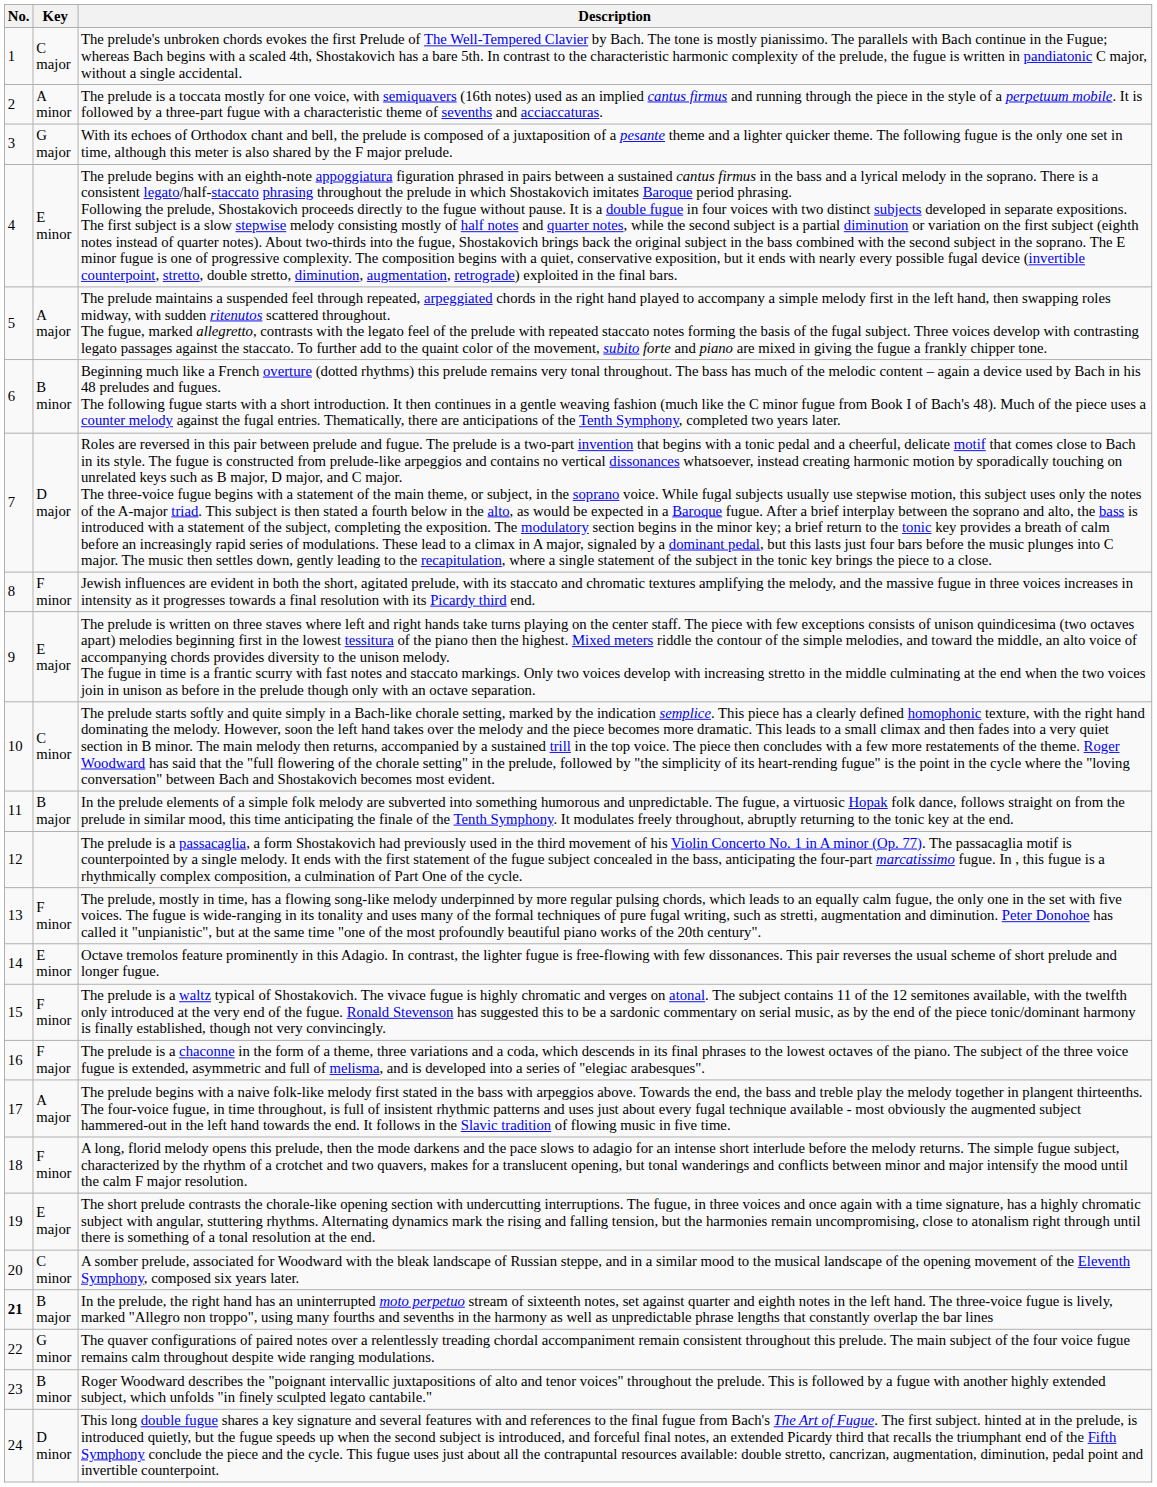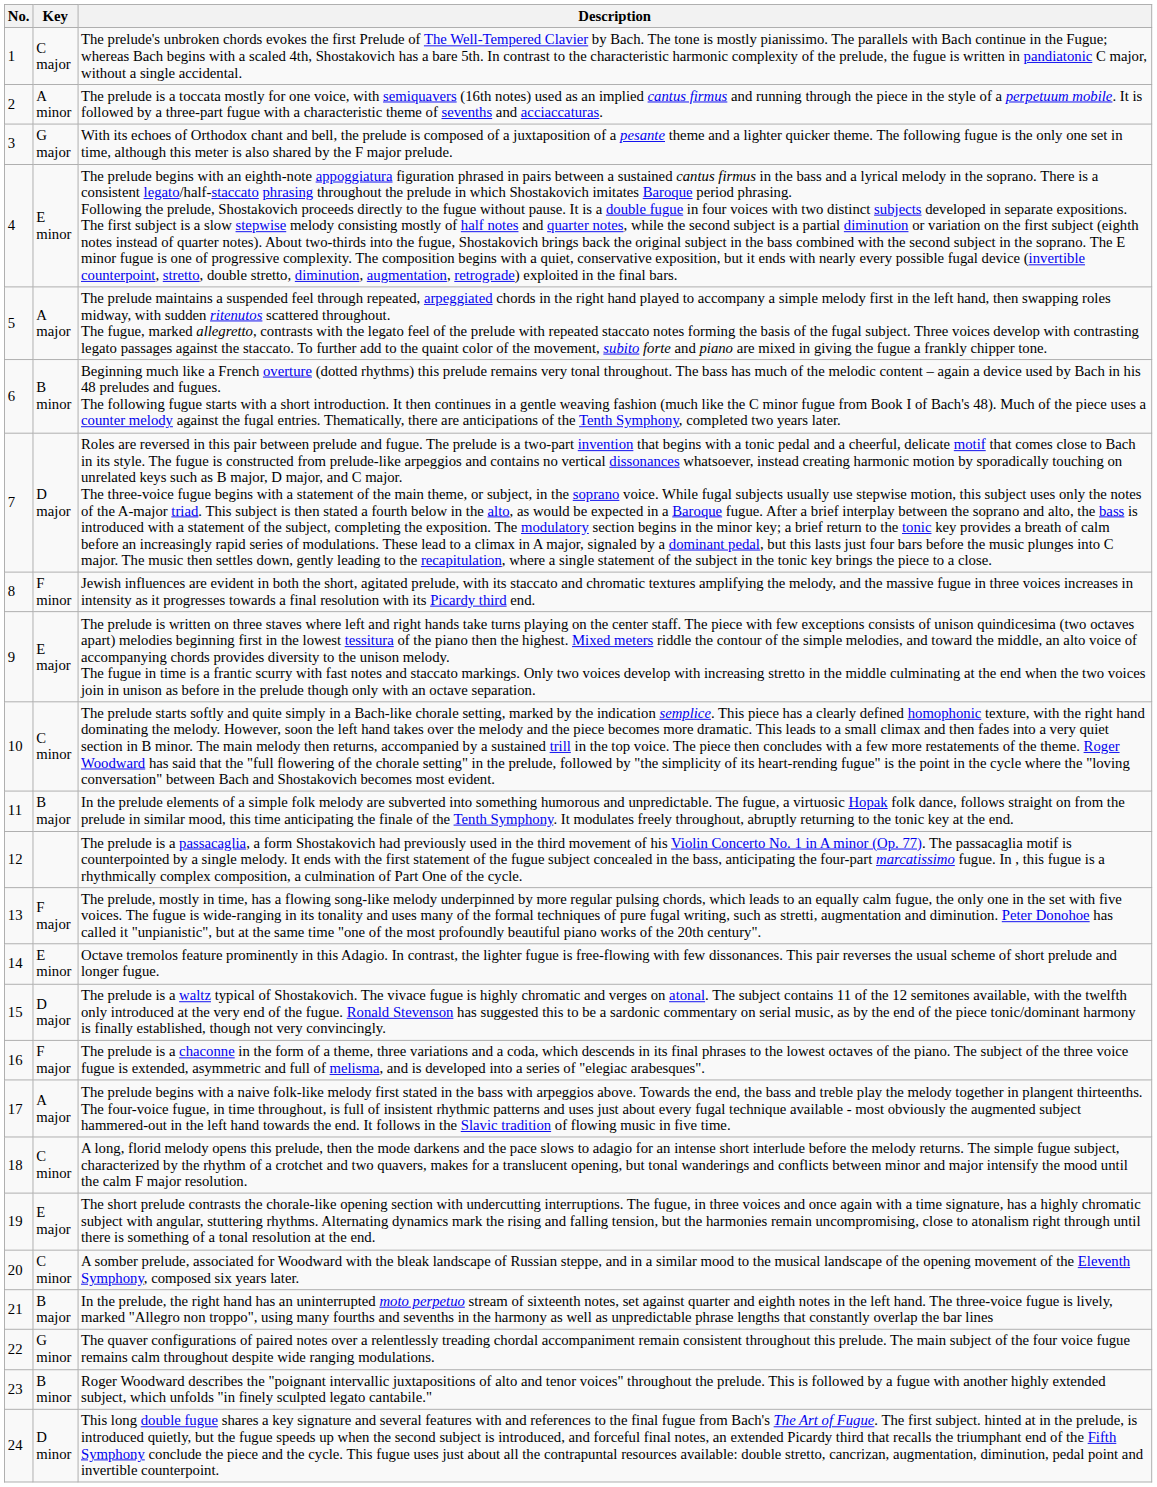 <table class=wikitable>
 <tr>
 <th>No.</th>
 <th>Key</th>
 <th>Description</th>
 </tr>
 <tr>
 <td>1</td>
 <td>C major</td>
 <td>The prelude's unbroken chords evokes the first Prelude of <a href='#'>The Well-Tempered Clavier</a> by Bach. The tone is mostly pianissimo. The parallels with Bach continue in the Fugue; whereas Bach begins with a scaled 4th, Shostakovich has a bare 5th. In contrast to the characteristic harmonic complexity of the prelude, the fugue is written in <a href='#'>pandiatonic</a> C major, without a single accidental.</td>
 </tr>
 <tr>
 <td>2</td>
 <td>A minor</td>
 <td>The prelude is a toccata mostly for one voice, with <a href='#'>semiquavers</a> (16th notes) used as an implied <em><a href='#'>cantus firmus</a></em> and running through the piece in the style of a <em><a href='#'>perpetuum mobile</a></em>. It is followed by a three-part fugue with a characteristic theme of <a href='#'>sevenths</a> and <a href='#'>acciaccaturas</a>.</td>
 </tr>
 <tr>
 <td>3</td>
 <td>G major</td>
 <td>With its echoes of Orthodox chant and bell, the prelude is composed of a juxtaposition of a <em><a href='#'>pesante</a></em> theme and a lighter quicker theme. The following fugue is the only one set in  time, although this meter is also shared by the F major prelude.</td>
 </tr>
 <tr>
 <td>4</td>
 <td>E minor</td>
 <td>The prelude begins with an eighth-note <a href='#'>appoggiatura</a> figuration phrased in pairs between a sustained <em>cantus firmus</em> in the bass and a lyrical melody in the soprano. There is a consistent <a href='#'>legato</a>/half-<a href='#'>staccato</a> <a href='#'>phrasing</a> throughout the prelude in which Shostakovich imitates <a href='#'>Baroque</a> period phrasing.<br>Following the prelude, Shostakovich proceeds directly to the fugue without pause. It is a <a href='#'>double fugue</a> in four voices with two distinct <a href='#'>subjects</a> developed in separate expositions. The first subject is a slow <a href='#'>stepwise</a> melody consisting mostly of <a href='#'>half notes</a> and <a href='#'>quarter notes</a>, while the second subject is a partial <a href='#'>diminution</a> or variation on the first subject (eighth notes instead of quarter notes). About two-thirds into the fugue, Shostakovich brings back the original subject in the bass combined with the second subject in the soprano. The E minor fugue is one of progressive complexity. The composition begins with a quiet, conservative exposition, but it ends with nearly every possible fugal device (<a href='#'>invertible counterpoint</a>, <a href='#'>stretto</a>, double stretto, <a href='#'>diminution</a>, <a href='#'>augmentation</a>, <a href='#'>retrograde</a>) exploited in the final bars.</td>
 </tr>
 <tr>
 <td>5</td>
 <td>A major</td>
 <td>The prelude maintains a suspended feel through repeated, <a href='#'>arpeggiated</a> chords in the right hand played to accompany a simple melody first in the left hand, then swapping roles midway, with sudden <em><a href='#'>ritenutos</a></em> scattered throughout.<br>The fugue, marked <em>allegretto</em>, contrasts with the legato feel of the prelude with repeated staccato notes forming the basis of the fugal subject. Three voices develop with contrasting legato passages against the staccato. To further add to the quaint color of the movement, <em><a href='#'>subito</a> forte</em> and <em>piano</em> are mixed in giving the fugue a frankly chipper tone.</td>
 </tr>
 <tr>
 <td>6</td>
 <td>B minor</td>
 <td>Beginning much like a French <a href='#'>overture</a> (dotted rhythms) this prelude remains very tonal throughout. The bass has much of the melodic content – again a device used by Bach in his 48 preludes and fugues.<br>The following fugue starts with a short introduction. It then continues in a gentle weaving fashion (much like the C minor fugue from Book I of Bach's 48). Much of the piece uses a <a href='#'>counter melody</a> against the fugal entries. Thematically, there are anticipations of the <a href='#'>Tenth Symphony</a>, completed two years later.</td>
 </tr>
 <tr>
 <td>7</td>
 <td>D major</td>
 <td>Roles are reversed in this pair between prelude and fugue. The prelude is a two-part <a href='#'>invention</a> that begins with a tonic pedal and a cheerful, delicate <a href='#'>motif</a> that comes close to Bach in its style. The fugue is constructed from prelude-like arpeggios and contains no vertical <a href='#'>dissonances</a> whatsoever, instead creating harmonic motion by sporadically touching on unrelated keys such as B major, D major, and C major.<br>The three-voice fugue begins with a statement of the main theme, or subject, in the <a href='#'>soprano</a> voice. While fugal subjects usually use stepwise motion, this subject uses only the notes of the A-major <a href='#'>triad</a>. This subject is then stated a fourth below in the <a href='#'>alto</a>, as would be expected in a <a href='#'>Baroque</a> fugue. After a brief interplay between the soprano and alto, the <a href='#'>bass</a> is introduced with a statement of the subject, completing the exposition. The <a href='#'>modulatory</a> section begins in the minor key; a brief return to the <a href='#'>tonic</a> key provides a breath of calm before an increasingly rapid series of modulations. These lead to a climax in A major, signaled by a <a href='#'>dominant pedal</a>, but this lasts just four bars before the music plunges into C major. The music then settles down, gently leading to the <a href='#'>recapitulation</a>, where a single statement of the subject in the tonic key brings the piece to a close.</td>
 </tr>
 <tr>
 <td>8</td>
 <td>F minor</td>
 <td>Jewish influences are evident in both the short, agitated prelude, with its staccato and chromatic textures amplifying the melody, and the massive fugue in three voices increases in intensity as it progresses towards a final resolution with its <a href='#'>Picardy third</a> end.</td>
 </tr>
 <tr>
 <td>9</td>
 <td>E major</td>
 <td>The prelude is written on three staves where left and right hands take turns playing on the center staff. The piece with few exceptions consists of unison quindicesima (two octaves apart) melodies beginning first in the lowest <a href='#'>tessitura</a> of the piano then the highest. <a href='#'>Mixed meters</a> riddle the contour of the simple melodies, and toward the middle, an alto voice of accompanying chords provides diversity to the unison melody.<br>The fugue in  time is a frantic scurry with fast notes and staccato markings. Only two voices develop with increasing stretto in the middle culminating at the end when the two voices join in unison as before in the prelude though only with an octave separation.</td>
 </tr>
 <tr>
 <td>10</td>
 <td>C minor</td>
 <td>The prelude starts softly and quite simply in a Bach-like chorale setting, marked by the indication <em><a href='#'>semplice</a></em>. This piece has a clearly defined <a href='#'>homophonic</a> texture, with the right hand dominating the melody. However, soon the left hand takes over the melody and the piece becomes more dramatic. This leads to a small climax and then fades into a very quiet section in B minor. The main melody then returns, accompanied by a sustained <a href='#'>trill</a> in the top voice. The piece then concludes with a few more restatements of the theme. <a href='#'>Roger Woodward</a> has said that the "full flowering of the chorale setting" in the prelude, followed by "the simplicity of its heart-rending fugue" is the point in the cycle where the "loving conversation" between Bach and Shostakovich becomes most evident.</td>
 </tr>
 <tr>
 <td>11</td>
 <td>B major</td>
 <td>In the prelude elements of a simple folk melody are subverted into something humorous and unpredictable. The fugue, a virtuosic <a href='#'>Hopak</a> folk dance, follows straight on from the prelude in similar mood, this time anticipating the finale of the <a href='#'>Tenth Symphony</a>. It modulates freely throughout, abruptly returning to the tonic key at the end.</td>
 </tr>
 <tr>
 <td>12</td>
 <td></td>
 <td>The prelude is a <a href='#'>passacaglia</a>, a form Shostakovich had previously used in the third movement of his <a href='#'>Violin Concerto No. 1 in A minor (Op. 77)</a>. The passacaglia motif is counterpointed by a single melody. It ends with the first statement of the fugue subject concealed in the bass, anticipating the four-part <a href='#'><em>marcatissimo</em></a> fugue. In , this fugue is a rhythmically complex composition, a culmination of Part One of the cycle.</td>
 </tr>
 <tr>
 <td>13</td>
-<td>F minor</td>
+<td>F major</td>
 <td>The prelude, mostly in  time, has a flowing song-like melody underpinned by more regular pulsing chords, which leads to an equally calm fugue, the only one in the set with five voices. The fugue is wide-ranging in its tonality and uses many of the formal techniques of pure fugal writing, such as stretti, augmentation and diminution. <a href='#'>Peter Donohoe</a> has called it "unpianistic", but at the same time "one of the most profoundly beautiful piano works of the 20th century".</td>
 </tr>
 <tr>
 <td>14</td>
 <td>E minor</td>
 <td>Octave tremolos feature prominently in this  Adagio. In contrast, the lighter fugue is free-flowing with few dissonances. This pair reverses the usual scheme of short prelude and longer fugue.</td>
 </tr>
 <tr>
 <td>15</td>
-<td>F minor</td>
+<td>D major</td>
 <td>The prelude is a <a href='#'>waltz</a> typical of Shostakovich. The vivace fugue is highly chromatic and verges on <a href='#'>atonal</a>. The subject contains 11 of the 12 semitones available, with the twelfth only introduced at the very end of the fugue. <a href='#'>Ronald Stevenson</a> has suggested this to be a sardonic commentary on serial music, as by the end of the piece tonic/dominant harmony is finally established, though not very convincingly.</td>
 </tr>
 <tr>
 <td>16</td>
 <td>F major</td>
 <td>The prelude is a <a href='#'>chaconne</a> in the form of a theme, three variations and a coda, which descends in its final phrases to the lowest octaves of the piano. The subject of the three voice fugue is extended, asymmetric and full of <a href='#'>melisma</a>, and is developed into a series of "elegiac arabesques".</td>
 </tr>
 <tr>
 <td>17</td>
 <td>A major</td>
 <td>The prelude begins with a naive folk-like melody first stated in the bass with arpeggios above. Towards the end, the bass and treble play the melody together in plangent thirteenths. The four-voice fugue, in  time throughout, is full of insistent rhythmic patterns and uses just about every fugal technique available - most obviously the augmented subject hammered-out in the left hand towards the end. It follows in the <a href='#'>Slavic tradition</a> of flowing music in five time.</td>
 </tr>
 <tr>
 <td>18</td>
-<td>F minor</td>
+<td>C minor</td>
 <td>A long, florid melody opens this prelude, then the mode darkens and the pace slows to adagio for an intense short interlude before the melody returns. The simple fugue subject, characterized by the rhythm of a crotchet and two quavers, makes for a translucent opening, but tonal wanderings and conflicts between minor and major intensify the mood until the calm F major resolution.</td>
 </tr>
 <tr>
 <td>19</td>
 <td>E major</td>
 <td>The short prelude contrasts the chorale-like opening section with undercutting interruptions. The fugue, in three voices and once again with a  time signature, has a highly chromatic subject with angular, stuttering rhythms. Alternating dynamics mark the rising and falling tension, but the harmonies remain uncompromising, close to atonalism right through until there is something of a tonal resolution at the end.</td>
 </tr>
 <tr>
 <td>20</td>
 <td>C minor</td>
 <td>A somber prelude, associated for Woodward with the bleak landscape of Russian steppe, and in a similar mood to the musical landscape of the opening movement of the <a href='#'>Eleventh Symphony</a>, composed six years later.</td>
 </tr>
 <tr>
-<td><strong>21</strong></td>
+<td>21</td>
 <td>B major</td>
 <td>In the prelude, the right hand has an uninterrupted <em><a href='#'>moto perpetuo</a></em> stream of sixteenth notes, set against quarter and eighth notes in the left hand. The three-voice fugue is lively, marked "Allegro non troppo", using many fourths and sevenths in the harmony as well as unpredictable phrase lengths that constantly overlap the bar lines</td>
 </tr>
 <tr>
 <td>22</td>
 <td>G minor</td>
 <td>The quaver configurations of paired notes over a relentlessly treading chordal accompaniment remain consistent throughout this prelude. The main subject of the four voice fugue remains calm throughout despite wide ranging modulations.</td>
 </tr>
 <tr>
 <td>23</td>
 <td>B minor</td>
 <td>Roger Woodward describes the "poignant intervallic juxtapositions of alto and tenor voices" throughout the prelude. This is followed by a fugue with another highly extended subject, which unfolds "in finely sculpted legato cantabile."</td>
 </tr>
 <tr>
 <td>24</td>
 <td>D minor</td>
 <td>This long <a href='#'>double fugue</a> shares a key signature and several features with and references to the final fugue from Bach's <em><a href='#'>The Art of Fugue</a></em>. The first subject. hinted at in the prelude, is introduced quietly, but the fugue speeds up when the second subject is introduced, and forceful final notes, an extended Picardy third that recalls the triumphant end of the <a href='#'>Fifth Symphony</a> conclude the piece and the cycle. This fugue uses just about all the contrapuntal resources available: double stretto, cancrizan, augmentation, diminution, pedal point and invertible counterpoint.</td>
 </tr>
 </table>
